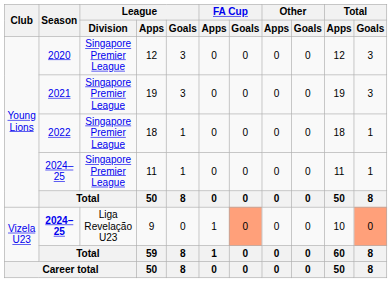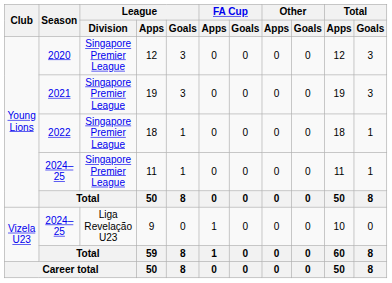 <table class="wikitable" style="text-align: center">
 <tr>
 <th rowspan="2">Club</th>
 <th rowspan="2">Season</th>
 <th colspan="3">League</th>
 <th colspan="2"><a href='#'>FA Cup</a></th>
 <th colspan="2">Other</th>
 <th colspan="2">Total</th>
 </tr>
 <tr>
 <th>Division</th>
 <th>Apps</th>
 <th>Goals</th>
 <th>Apps</th>
 <th>Goals</th>
 <th>Apps</th>
 <th>Goals</th>
 <th>Apps</th>
 <th>Goals</th>
 </tr>
 <tr>
 <td rowspan="5"><a href='#'>Young Lions</a></td>
 <td><a href='#'>2020</a></td>
 <td><a href='#'>Singapore Premier League</a></td>
 <td>12</td>
 <td>3</td>
 <td>0</td>
 <td>0</td>
 <td>0</td>
 <td>0</td>
 <td>12</td>
 <td>3</td>
 </tr>
 <tr>
 <td><a href='#'>2021</a></td>
 <td><a href='#'>Singapore Premier League</a></td>
 <td>19</td>
 <td>3</td>
 <td>0</td>
 <td>0</td>
 <td>0</td>
 <td>0</td>
 <td>19</td>
 <td>3</td>
 </tr>
 <tr>
 <td><a href='#'>2022</a></td>
 <td><a href='#'>Singapore Premier League</a></td>
 <td>18</td>
 <td>1</td>
 <td>0</td>
 <td>0</td>
 <td>0</td>
 <td>0</td>
 <td>18</td>
 <td>1</td>
 </tr>
 <tr>
 <td><a href='#'>2024–25</a></td>
 <td><a href='#'>Singapore Premier League</a></td>
 <td>11</td>
 <td>1</td>
 <td>0</td>
 <td>0</td>
 <td>0</td>
 <td>0</td>
 <td>11</td>
 <td>1</td>
 </tr>
 <tr>
 <th colspan=2>Total</th>
 <th>50</th>
 <th>8</th>
 <th>0</th>
 <th>0</th>
 <th>0</th>
 <th>0</th>
 <th>50</th>
 <th>8</th>
 </tr>
 <tr>
 <td rowspan="2"><a href='#'>Vizela U23</a></td>
-<td><strong><a href='#'>2024–25</a></strong></td>
+<td><a href='#'>2024–25</a></td>
 <td>Liga Revelação U23</td>
 <td>9</td>
 <td>0</td>
 <td>1</td>
-<td style="background: lightsalmon;">0</td>
+<td>0</td>
 <td>0</td>
 <td>0</td>
 <td>10</td>
-<td style="background: lightsalmon;">0</td>
+<td>0</td>
 </tr>
 <tr>
 <th colspan=2>Total</th>
 <th>59</th>
 <th>8</th>
 <th>1</th>
 <th>0</th>
 <th>0</th>
 <th>0</th>
 <th>60</th>
 <th>8</th>
 </tr>
 <tr>
 <th colspan=3>Career total</th>
 <th>50</th>
 <th>8</th>
 <th>0</th>
 <th>0</th>
 <th>0</th>
 <th>0</th>
 <th>50</th>
 <th>8</th>
 </tr>
 </table>
